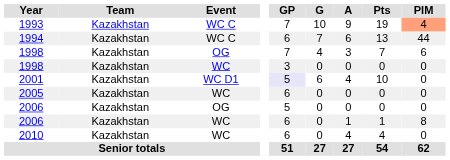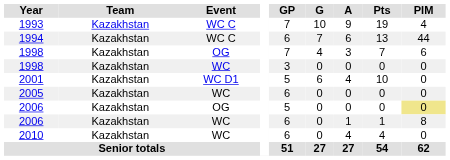 <table border="0" cellpadding="1" cellspacing="0" style="text-align:center; width:40em">
 <tr ALIGN="center" bgcolor="#e0e0e0">
 <th>Year</th>
 <th>Team</th>
 <th>Event</th>
 <th rowspan="99" bgcolor="#ffffff"> </th>
 <th>GP</th>
 <th>G</th>
 <th>A</th>
 <th>Pts</th>
 <th>PIM</th>
 </tr>
 <tr>
 <td><a href='#'>1993</a></td>
 <td><a href='#'>Kazakhstan</a></td>
 <td><a href='#'>WC C</a></td>
 <td>7</td>
 <td>10</td>
 <td>9</td>
 <td>19</td>
-<td style="background: lightsalmon;">4</td>
+<td>4</td>
 </tr>
 <tr bgcolor="#f0f0f0">
 <td><a href='#'>1994</a></td>
 <td>Kazakhstan</td>
 <td>WC C</td>
 <td>6</td>
 <td>7</td>
 <td>6</td>
 <td>13</td>
 <td>44</td>
 </tr>
 <tr>
 <td><a href='#'>1998</a></td>
 <td>Kazakhstan</td>
 <td><a href='#'>OG</a></td>
 <td>7</td>
 <td>4</td>
 <td>3</td>
 <td>7</td>
 <td>6</td>
 </tr>
 <tr bgcolor="#f0f0f0">
 <td><a href='#'>1998</a></td>
 <td>Kazakhstan</td>
 <td><a href='#'>WC</a></td>
 <td>3</td>
 <td>0</td>
 <td>0</td>
 <td>0</td>
 <td>0</td>
 </tr>
 <tr>
 <td><a href='#'>2001</a></td>
 <td>Kazakhstan</td>
 <td><a href='#'>WC D1</a></td>
-<td style="background: lavender;">5</td>
+<td>5</td>
 <td>6</td>
 <td>4</td>
 <td>10</td>
 <td>0</td>
 </tr>
 <tr bgcolor="#f0f0f0">
 <td><a href='#'>2005</a></td>
 <td>Kazakhstan</td>
 <td>WC</td>
 <td>6</td>
 <td>0</td>
 <td>0</td>
 <td>0</td>
 <td>0</td>
 </tr>
 <tr>
 <td><a href='#'>2006</a></td>
 <td>Kazakhstan</td>
 <td>OG</td>
 <td>5</td>
 <td>0</td>
 <td>0</td>
 <td>0</td>
-<td>0</td>
+<td style="background: khaki;">0</td>
 </tr>
 <tr bgcolor="#f0f0f0">
 <td><a href='#'>2006</a></td>
 <td>Kazakhstan</td>
 <td>WC</td>
 <td>6</td>
 <td>0</td>
 <td>1</td>
 <td>1</td>
 <td>8</td>
 </tr>
 <tr>
 <td><a href='#'>2010</a></td>
 <td>Kazakhstan</td>
 <td>WC</td>
 <td>6</td>
 <td>0</td>
 <td>4</td>
 <td>4</td>
 <td>0</td>
 </tr>
 <tr bgcolor="#e0e0e0">
 <th colspan=3>Senior totals</th>
 <th>51</th>
 <th>27</th>
 <th>27</th>
 <th>54</th>
 <th>62</th>
 </tr>
 </table>
